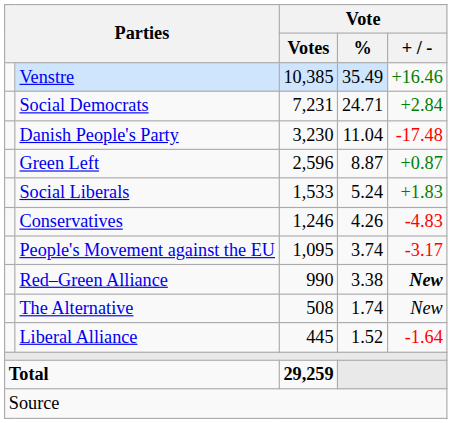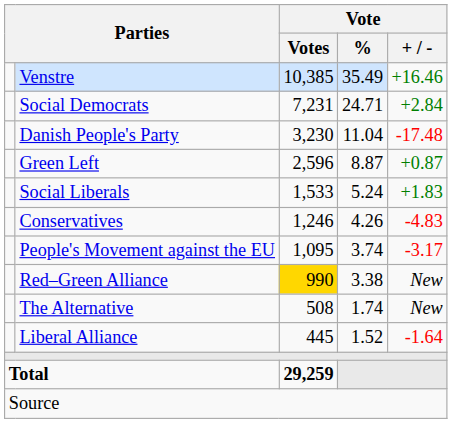 <table class="wikitable" style="text-align:right;">
 <tr>
 <th style="text-align:centre;" rowspan="2" colspan="2" width="225">Parties</th>
 <th colspan="3">Vote</th>
 </tr>
 <tr>
 <th width="15">Votes</th>
 <th width="15">%</th>
 <th width="15">+ / -</th>
 </tr>
 <tr>
 <td width="2" style="color:inherit;background:"></td>
 <td bgcolor=#cfe5fe   align="left"><a href='#'>Venstre</a></td>
 <td bgcolor=#cfe5fe>10,385</td>
 <td bgcolor=#cfe5fe>35.49</td>
 <td style=color:green;>+16.46</td>
 </tr>
 <tr>
 <td width="2" style="color:inherit;background:"></td>
 <td align="left"><a href='#'>Social Democrats</a></td>
 <td>7,231</td>
 <td>24.71</td>
 <td style=color:green;>+2.84</td>
 </tr>
 <tr>
 <td width="2" style="color:inherit;background:"></td>
 <td align="left"><a href='#'>Danish People's Party</a></td>
 <td>3,230</td>
 <td>11.04</td>
 <td style=color:red;>-17.48</td>
 </tr>
 <tr>
 <td width="2" style="color:inherit;background:"></td>
 <td align="left"><a href='#'>Green Left</a></td>
 <td>2,596</td>
 <td>8.87</td>
 <td style=color:green;>+0.87</td>
 </tr>
 <tr>
 <td width="2" style="color:inherit;background:"></td>
 <td align="left"><a href='#'>Social Liberals</a></td>
 <td>1,533</td>
 <td>5.24</td>
 <td style=color:green;>+1.83</td>
 </tr>
 <tr>
 <td width="2" style="color:inherit;background:"></td>
 <td align="left"><a href='#'>Conservatives</a></td>
 <td>1,246</td>
 <td>4.26</td>
 <td style=color:red;>-4.83</td>
 </tr>
 <tr>
 <td width="2" style="color:inherit;background:"></td>
 <td align="left"><a href='#'>People's Movement against the EU</a></td>
 <td>1,095</td>
 <td>3.74</td>
 <td style=color:red;>-3.17</td>
 </tr>
 <tr>
 <td width="2" style="color:inherit;background:"></td>
 <td align="left"><a href='#'>Red–Green Alliance</a></td>
-<td>990</td>
+<td style="background: gold;">990</td>
 <td>3.38</td>
-<td><strong><em>New</em></strong></td>
+<td><em>New</em></td>
 </tr>
 <tr>
 <td width="2" style="color:inherit;background:"></td>
 <td align="left"><a href='#'>The Alternative</a></td>
 <td>508</td>
 <td>1.74</td>
 <td><em>New</em></td>
 </tr>
 <tr>
 <td width="2" style="color:inherit;background:"></td>
 <td align="left"><a href='#'>Liberal Alliance</a></td>
 <td>445</td>
 <td>1.52</td>
 <td style=color:red;>-1.64</td>
 </tr>
 <tr>
 <td colspan="7" bgcolor="#E9E9E9"></td>
 </tr>
 <tr>
 <td align="left" colspan="2"><strong>Total</strong></td>
 <td><strong>29,259</strong></td>
 <td bgcolor="#E9E9E9" colspan="2"></td>
 </tr>
 <tr>
 <td align="left" colspan="6">Source</td>
 </tr>
 </table>
